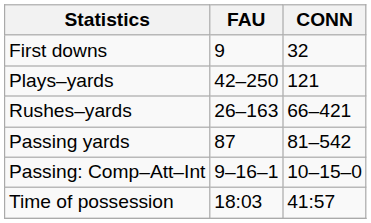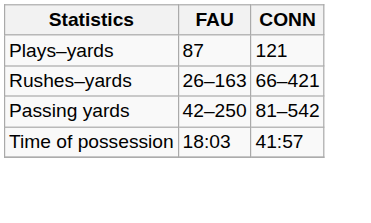 <table class="wikitable" style="float: left;">
 <tr>
 <th>Statistics</th>
 <th>FAU</th>
 <th>CONN</th>
 </tr>
 <tr>
-<td>First downs</td>
-<td>9</td>
-<td>32</td>
-</tr>
-<tr>
 <td>Plays–yards</td>
-<td>42–250</td>
+<td>87</td>
 <td>121</td>
 </tr>
 <tr>
 <td>Rushes–yards</td>
 <td>26–163</td>
 <td>66–421</td>
 </tr>
 <tr>
 <td>Passing yards</td>
-<td>87</td>
+<td>42–250</td>
 <td>81–542</td>
-</tr>
-<tr>
-<td>Passing: Comp–Att–Int</td>
-<td>9–16–1</td>
-<td>10–15–0</td>
 </tr>
 <tr>
 <td>Time of possession</td>
 <td>18:03</td>
 <td>41:57</td>
 </tr>
 <tr>
 </tr>
 </table>
